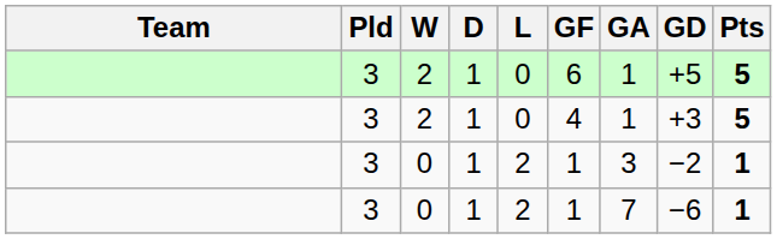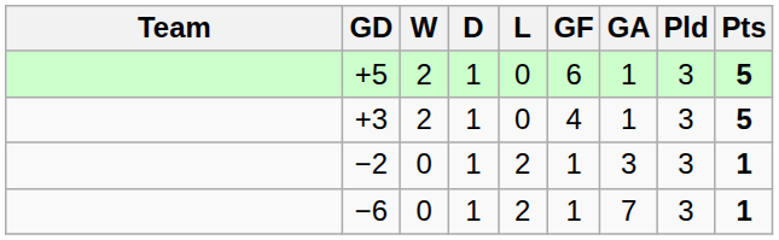 <table class="wikitable" style="text-align:center;">
 <tr>
 <th width=180>Team</th>
-<th width=20>Pld</th>
+<th width=20>GD</th>
 <th width=20>W</th>
 <th width=20>D</th>
 <th width=20>L</th>
 <th width=20>GF</th>
 <th width=20>GA</th>
-<th width=20>GD</th>
+<th width=20>Pld</th>
 <th width=20>Pts</th>
 </tr>
 <tr bgcolor="ccffcc">
 <td align="left"></td>
-<td>3</td>
+<td>+5</td>
 <td>2</td>
 <td>1</td>
 <td>0</td>
 <td>6</td>
 <td>1</td>
-<td>+5</td>
+<td>3</td>
 <td><strong>5</strong></td>
 </tr>
 <tr>
 <td align="left"></td>
-<td>3</td>
+<td>+3</td>
 <td>2</td>
 <td>1</td>
 <td>0</td>
 <td>4</td>
 <td>1</td>
-<td>+3</td>
+<td>3</td>
 <td><strong>5</strong></td>
 </tr>
 <tr>
 <td align="left"></td>
-<td>3</td>
+<td>−2</td>
 <td>0</td>
 <td>1</td>
 <td>2</td>
 <td>1</td>
 <td>3</td>
-<td>−2</td>
+<td>3</td>
 <td><strong>1</strong></td>
 </tr>
 <tr>
 <td align="left"></td>
-<td>3</td>
+<td>−6</td>
 <td>0</td>
 <td>1</td>
 <td>2</td>
 <td>1</td>
 <td>7</td>
-<td>−6</td>
+<td>3</td>
 <td><strong>1</strong></td>
 </tr>
 </table>
